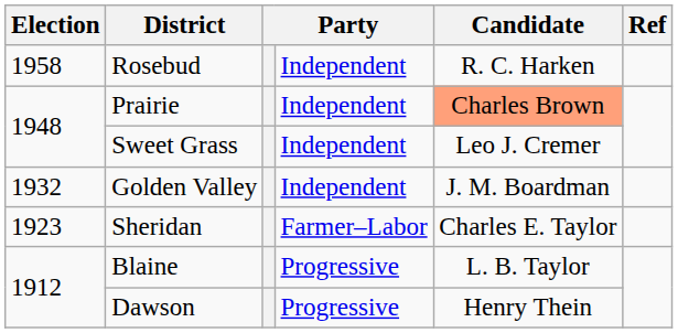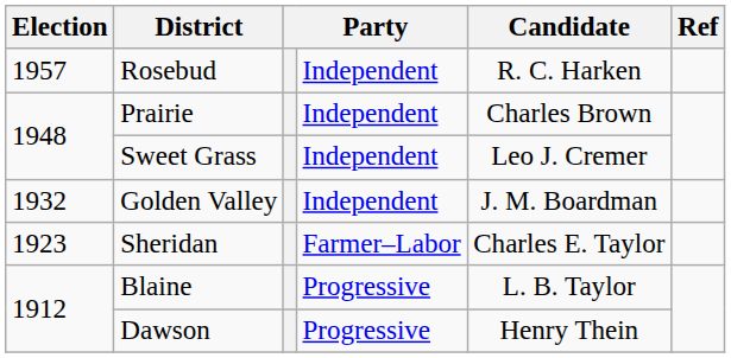 <table class="wikitable sortable">
 <tr>
 <th>Election</th>
 <th>District</th>
 <th colspan=2>Party</th>
 <th>Candidate</th>
 <th>Ref</th>
 </tr>
 <tr>
-<td>1958</td>
+<td>1957</td>
 <td>Rosebud</td>
 <th style="background-color:"></th>
 <td><a href='#'>Independent</a></td>
 <td align="center">R. C. Harken</td>
 <td></td>
 </tr>
 <tr>
 <td rowspan=2>1948</td>
 <td>Prairie</td>
 <th style="background-color:"></th>
 <td><a href='#'>Independent</a></td>
-<td align="center" style="background: lightsalmon;">Charles Brown</td>
+<td align="center">Charles Brown</td>
 <td rowspan=2></td>
 </tr>
 <tr>
 <td>Sweet Grass</td>
 <th style="background-color:"></th>
 <td><a href='#'>Independent</a></td>
 <td align="center">Leo J. Cremer</td>
 </tr>
 <tr>
 <td rowspan=1>1932</td>
 <td>Golden Valley</td>
 <th style="background-color:"></th>
 <td><a href='#'>Independent</a></td>
 <td align="center">J. M. Boardman</td>
 <td rowspan=1></td>
 </tr>
 <tr>
 <td rowspan=1>1923</td>
 <td>Sheridan</td>
 <th style="background-color:"></th>
 <td><a href='#'>Farmer–Labor</a></td>
 <td align="center">Charles E. Taylor</td>
 <td rowspan=1></td>
 </tr>
 <tr>
 <td rowspan=2>1912</td>
 <td>Blaine</td>
 <th style="background-color:"></th>
 <td><a href='#'>Progressive</a></td>
 <td align="center">L. B. Taylor</td>
 <td rowspan=2></td>
 </tr>
 <tr>
 <td>Dawson</td>
 <th style="background-color:"></th>
 <td><a href='#'>Progressive</a></td>
 <td align="center">Henry Thein</td>
 </tr>
 </table>
